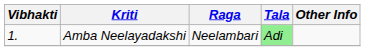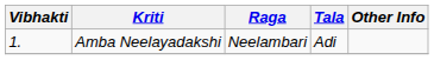 <table class="wikitable">
 <tr>
 <th><em>Vibhakti</em></th>
 <th><em><a href='#'>Kriti</a></em></th>
 <th><em><a href='#'>Raga</a></em></th>
 <th><em><a href='#'>Tala</a></em></th>
 <th><em>Other Info</em></th>
 </tr>
 <tr>
 <td><em>1.</em></td>
 <td><em>Amba Neelayadakshi</em></td>
 <td><em>Neelambari</em></td>
-<td style="background: lightgreen;"><em>Adi</em></td>
+<td><em>Adi</em></td>
 <td></td>
 </tr>
 <tr>
 </tr>
 </table>
